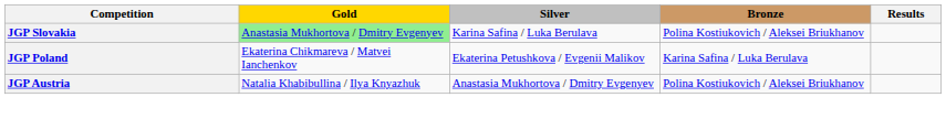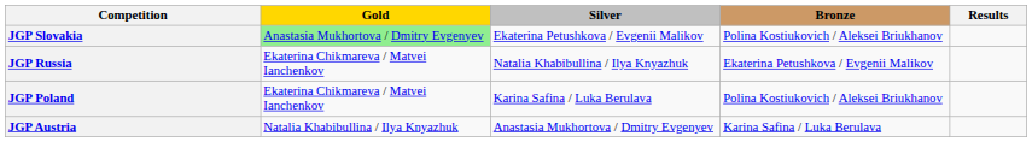 <table class="wikitable unsortable" style="text-align:left; width:100%;">
 <tr>
 <th scope="col" style="text-align:center; width:25%;">Competition</th>
 <td scope="col" style="text-align:center; width:22.5%; background:gold"><strong>Gold</strong></td>
 <td scope="col" style="text-align:center; width:22.5%; background:silver"><strong>Silver</strong></td>
 <td scope="col" style="text-align:center; width:22.5%; background:#c96"><strong>Bronze</strong></td>
 <th scope="col" style="text-align:center; width:7.5%;">Results</th>
 </tr>
 <tr>
 <th scope="row" style="text-align:left"> <a href='#'>JGP Slovakia</a></th>
 <td style="background: lightgreen;"> <a href='#'>Anastasia Mukhortova</a> / <a href='#'>Dmitry Evgenyev</a></td>
-<td> <a href='#'>Karina Safina</a> / <a href='#'>Luka Berulava</a></td>
+<td> <a href='#'>Ekaterina Petushkova</a> / <a href='#'>Evgenii Malikov</a></td>
 <td> <a href='#'>Polina Kostiukovich</a> / <a href='#'>Aleksei Briukhanov</a></td>
+<td></td>
+</tr>
+<tr>
+<th scope="row" style="text-align:left"> <a href='#'>JGP Russia</a></th>
+<td> <a href='#'>Ekaterina Chikmareva</a> / <a href='#'>Matvei Ianchenkov</a></td>
+<td> <a href='#'>Natalia Khabibullina</a> / <a href='#'>Ilya Knyazhuk</a></td>
+<td> <a href='#'>Ekaterina Petushkova</a> / <a href='#'>Evgenii Malikov</a></td>
 <td></td>
 </tr>
 <tr>
 <th scope="row" style="text-align:left"> <a href='#'>JGP Poland</a></th>
 <td> <a href='#'>Ekaterina Chikmareva</a> / <a href='#'>Matvei Ianchenkov</a></td>
-<td> <a href='#'>Ekaterina Petushkova</a> / <a href='#'>Evgenii Malikov</a></td>
 <td> <a href='#'>Karina Safina</a> / <a href='#'>Luka Berulava</a></td>
+<td> <a href='#'>Polina Kostiukovich</a> / <a href='#'>Aleksei Briukhanov</a></td>
 <td></td>
 </tr>
 <tr>
 <th scope="row" style="text-align:left"> <a href='#'>JGP Austria</a></th>
 <td> <a href='#'>Natalia Khabibullina</a> / <a href='#'>Ilya Knyazhuk</a></td>
 <td> <a href='#'>Anastasia Mukhortova</a> / <a href='#'>Dmitry Evgenyev</a></td>
-<td> <a href='#'>Polina Kostiukovich</a> / <a href='#'>Aleksei Briukhanov</a></td>
+<td> <a href='#'>Karina Safina</a> / <a href='#'>Luka Berulava</a></td>
 <td></td>
 </tr>
 </table>
